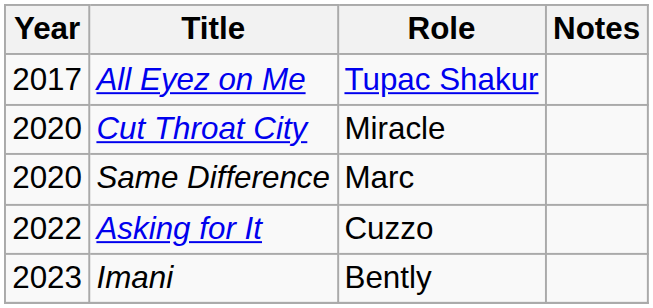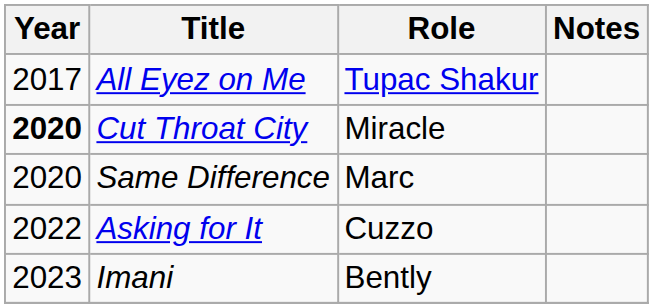 <table class="wikitable sortable">
 <tr>
 <th>Year</th>
 <th>Title</th>
 <th>Role</th>
 <th class="unsortable">Notes</th>
 </tr>
 <tr>
 <td>2017</td>
 <td><em><a href='#'>All Eyez on Me</a></em></td>
 <td><a href='#'>Tupac Shakur</a></td>
 <td></td>
 </tr>
 <tr>
-<td>2020</td>
+<td><strong>2020</strong></td>
 <td><em><a href='#'>Cut Throat City</a></em></td>
 <td>Miracle</td>
 <td></td>
 </tr>
 <tr>
 <td>2020</td>
 <td><em>Same Difference</em></td>
 <td>Marc</td>
 <td></td>
 </tr>
 <tr>
 <td>2022</td>
 <td><em><a href='#'>Asking for It</a></em></td>
 <td>Cuzzo</td>
 <td></td>
 </tr>
 <tr>
 <td>2023</td>
 <td><em>Imani</em></td>
 <td>Bently</td>
 <td></td>
 </tr>
 <tr>
 </tr>
 </table>
